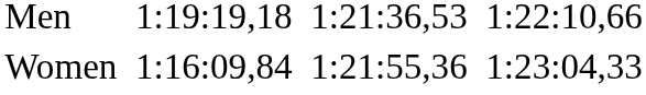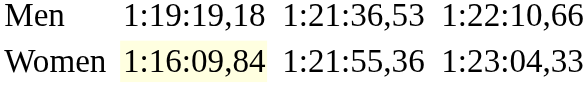 <table>
 <tr>
 <td>Men</td>
 <td></td>
 <td>1:19:19,18</td>
 <td></td>
 <td>1:21:36,53</td>
 <td></td>
 <td>1:22:10,66</td>
 </tr>
 <tr>
 <td>Women</td>
 <td></td>
-<td>1:16:09,84</td>
+<td style="background: lightyellow;">1:16:09,84</td>
 <td></td>
 <td>1:21:55,36</td>
 <td></td>
 <td>1:23:04,33</td>
 </tr>
 </table>
